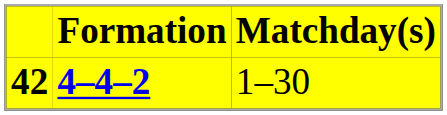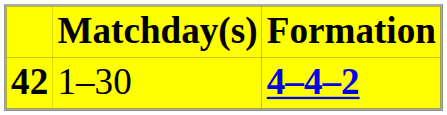 <table class="toccolours" border="0" cellpadding="2" cellspacing="0" align="center" style="margin: 0.5em 0 1em 1em; background: #000000; border: 1px #aaaaaa solid;">
 <tr bgcolor=#FFFF00>
 <th></th>
+<th>Matchday(s)</th>
 <th>Formation</th>
-<th>Matchday(s)</th>
 </tr>
 <tr bgcolor=#FFFF00>
 <td><strong>42</strong></td>
+<td>1–30</td>
 <td><a href='#'><span><strong>4–4–2</strong></span></a></td>
-<td>1–30</td>
 </tr>
 </table>
